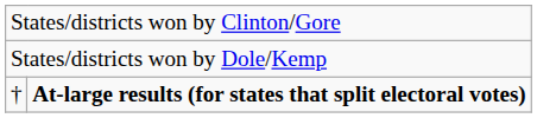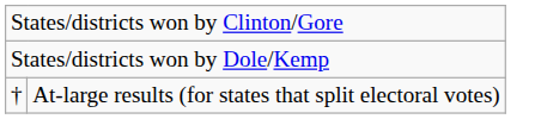 <table class="wikitable">
 <tr>
 <td colspan=2>States/districts won by <a href='#'>Clinton</a>/<a href='#'>Gore</a></td>
 </tr>
 <tr>
 <td colspan=2>States/districts won by <a href='#'>Dole</a>/<a href='#'>Kemp</a></td>
 </tr>
 <tr>
 <td>†</td>
-<td><strong>At-large results (for states that split electoral votes)</strong></td>
+<td>At-large results (for states that split electoral votes)</td>
 </tr>
 </table>
